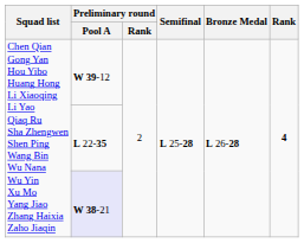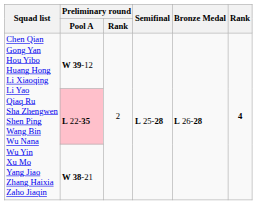 <table class="wikitable" style="text-align:left; font-size:90%">
 <tr>
 <th rowspan="2">Squad list</th>
 <th colspan="2">Preliminary round</th>
 <th rowspan="2">Semifinal</th>
 <th rowspan="2">Bronze Medal</th>
 <th rowspan="2">Rank</th>
 </tr>
 <tr>
 <th>Pool A</th>
 <th>Rank</th>
 </tr>
 <tr>
 <td rowspan=3><a href='#'>Chen Qian</a><br><a href='#'>Gong Yan</a><br><a href='#'>Hou Yibo</a><br><a href='#'>Huang Hong</a><br><a href='#'>Li Xiaoqing</a><br><a href='#'>Li Yao</a><br><a href='#'>Qiaq Ru</a><br><a href='#'>Sha Zhengwen</a><br><a href='#'>Shen Ping</a><br><a href='#'>Wang Bin</a><br><a href='#'>Wu Nana</a><br><a href='#'>Wu Yin</a><br><a href='#'>Xu Mo</a><br><a href='#'>Yang Jiao</a><br><a href='#'>Zhang Haixia</a><br><a href='#'>Zaho Jiaqin</a></td>
 <td><br><strong>W</strong> <strong>39</strong>-12</td>
 <td rowspan="3" style="text-align:center;">2 <strong></strong></td>
 <td rowspan=3><br><strong>L</strong> 25-<strong>28</strong></td>
 <td rowspan=3><br><strong>L</strong> 26-<strong>28</strong></td>
 <td rowspan="3" style="text-align:center;"><strong>4</strong></td>
 </tr>
 <tr>
-<td><br><strong>L</strong> 22-<strong>35</strong></td>
+<td style="background: pink;"><br><strong>L</strong> 22-<strong>35</strong></td>
 </tr>
 <tr>
-<td style="background: lavender;"><br><strong>W</strong> <strong>38</strong>-21</td>
+<td><br><strong>W</strong> <strong>38</strong>-21</td>
 </tr>
 </table>
